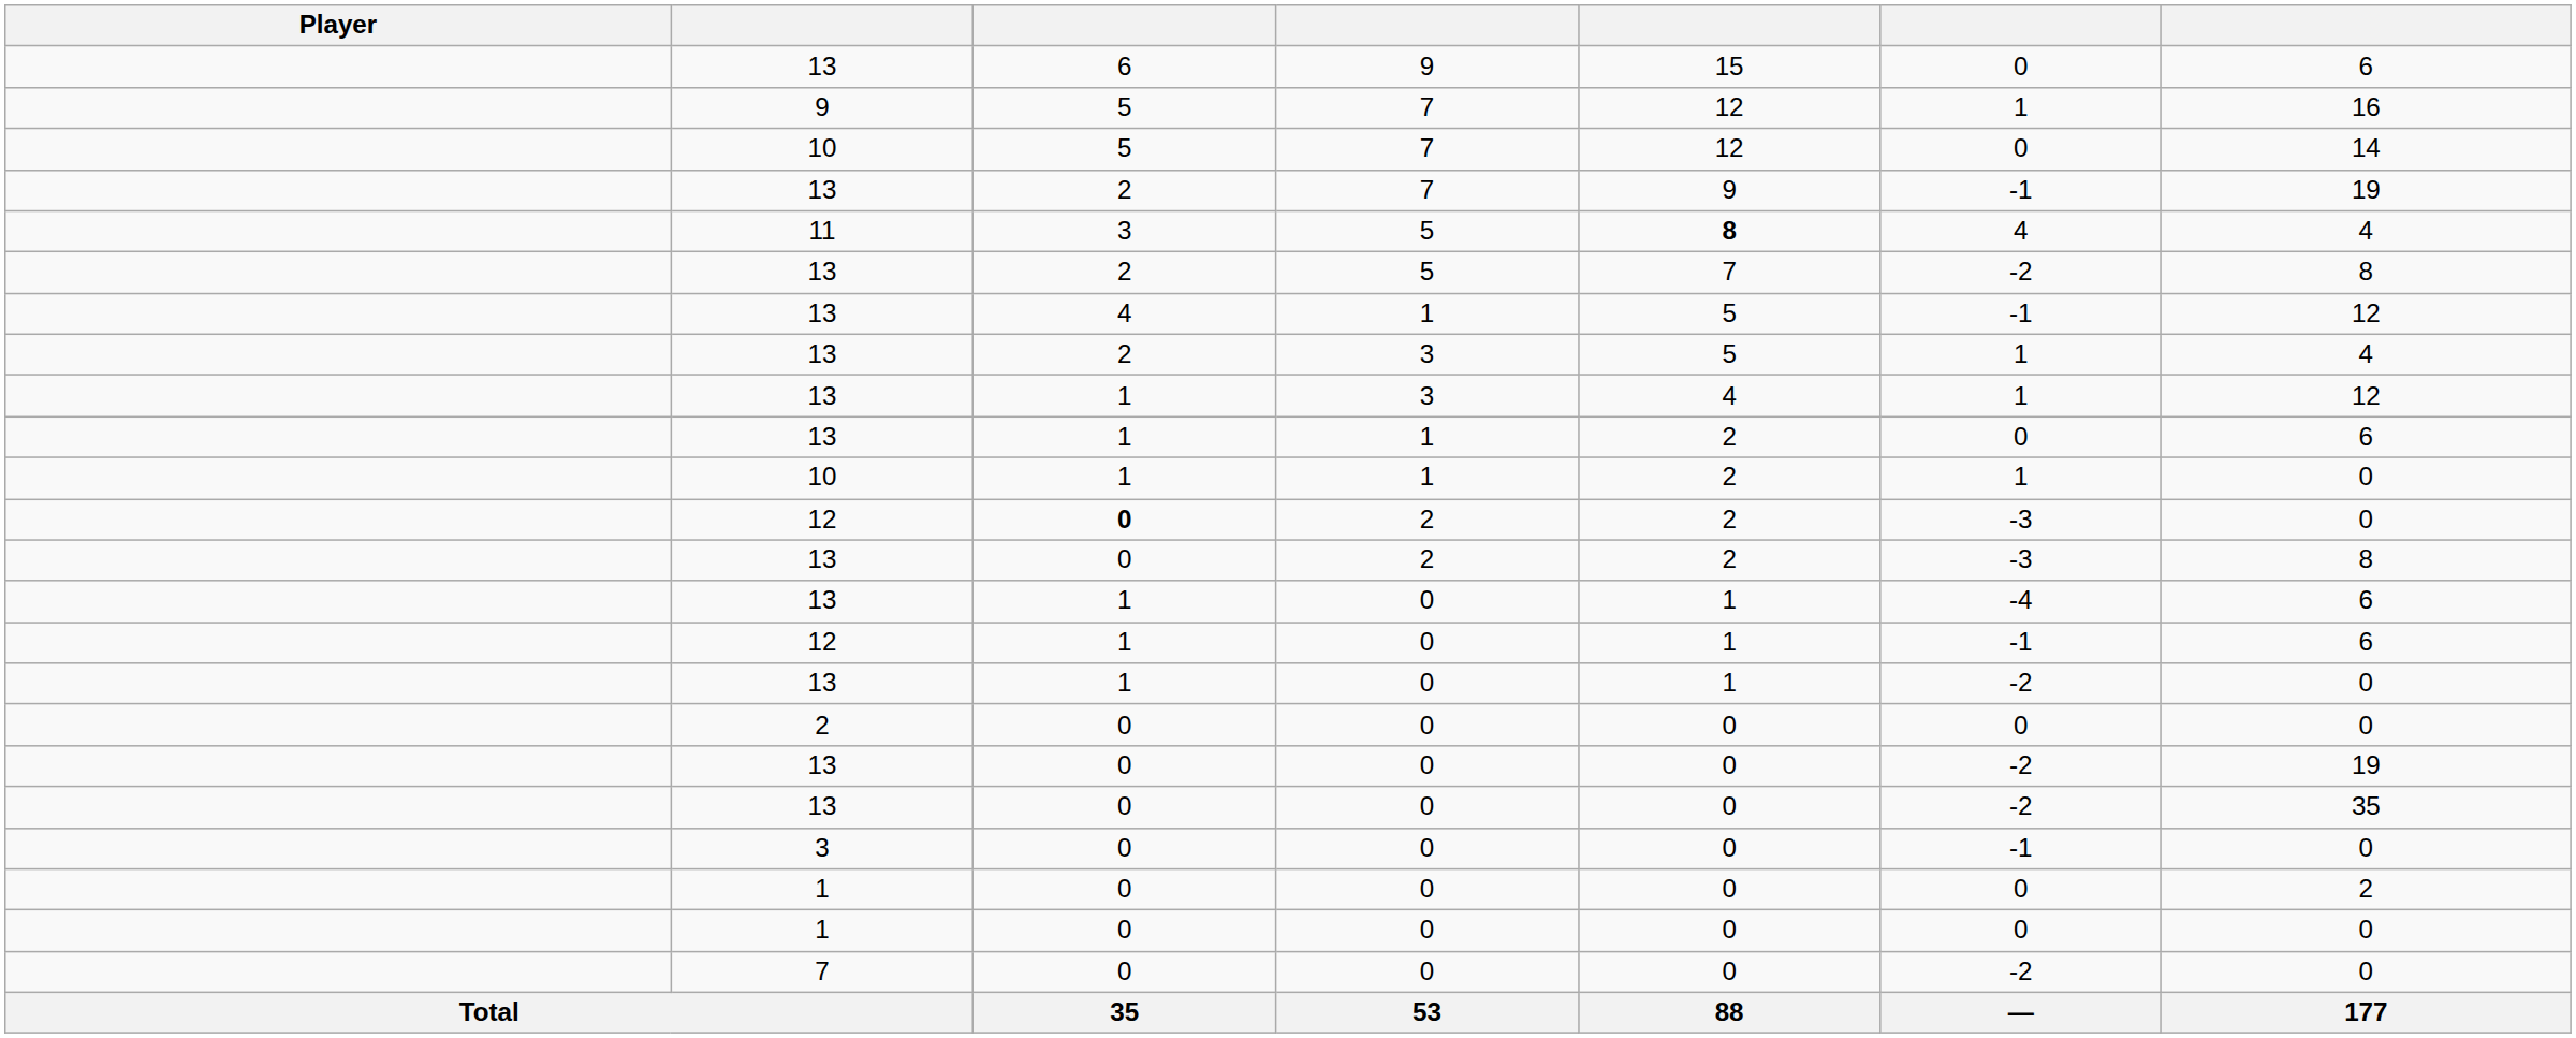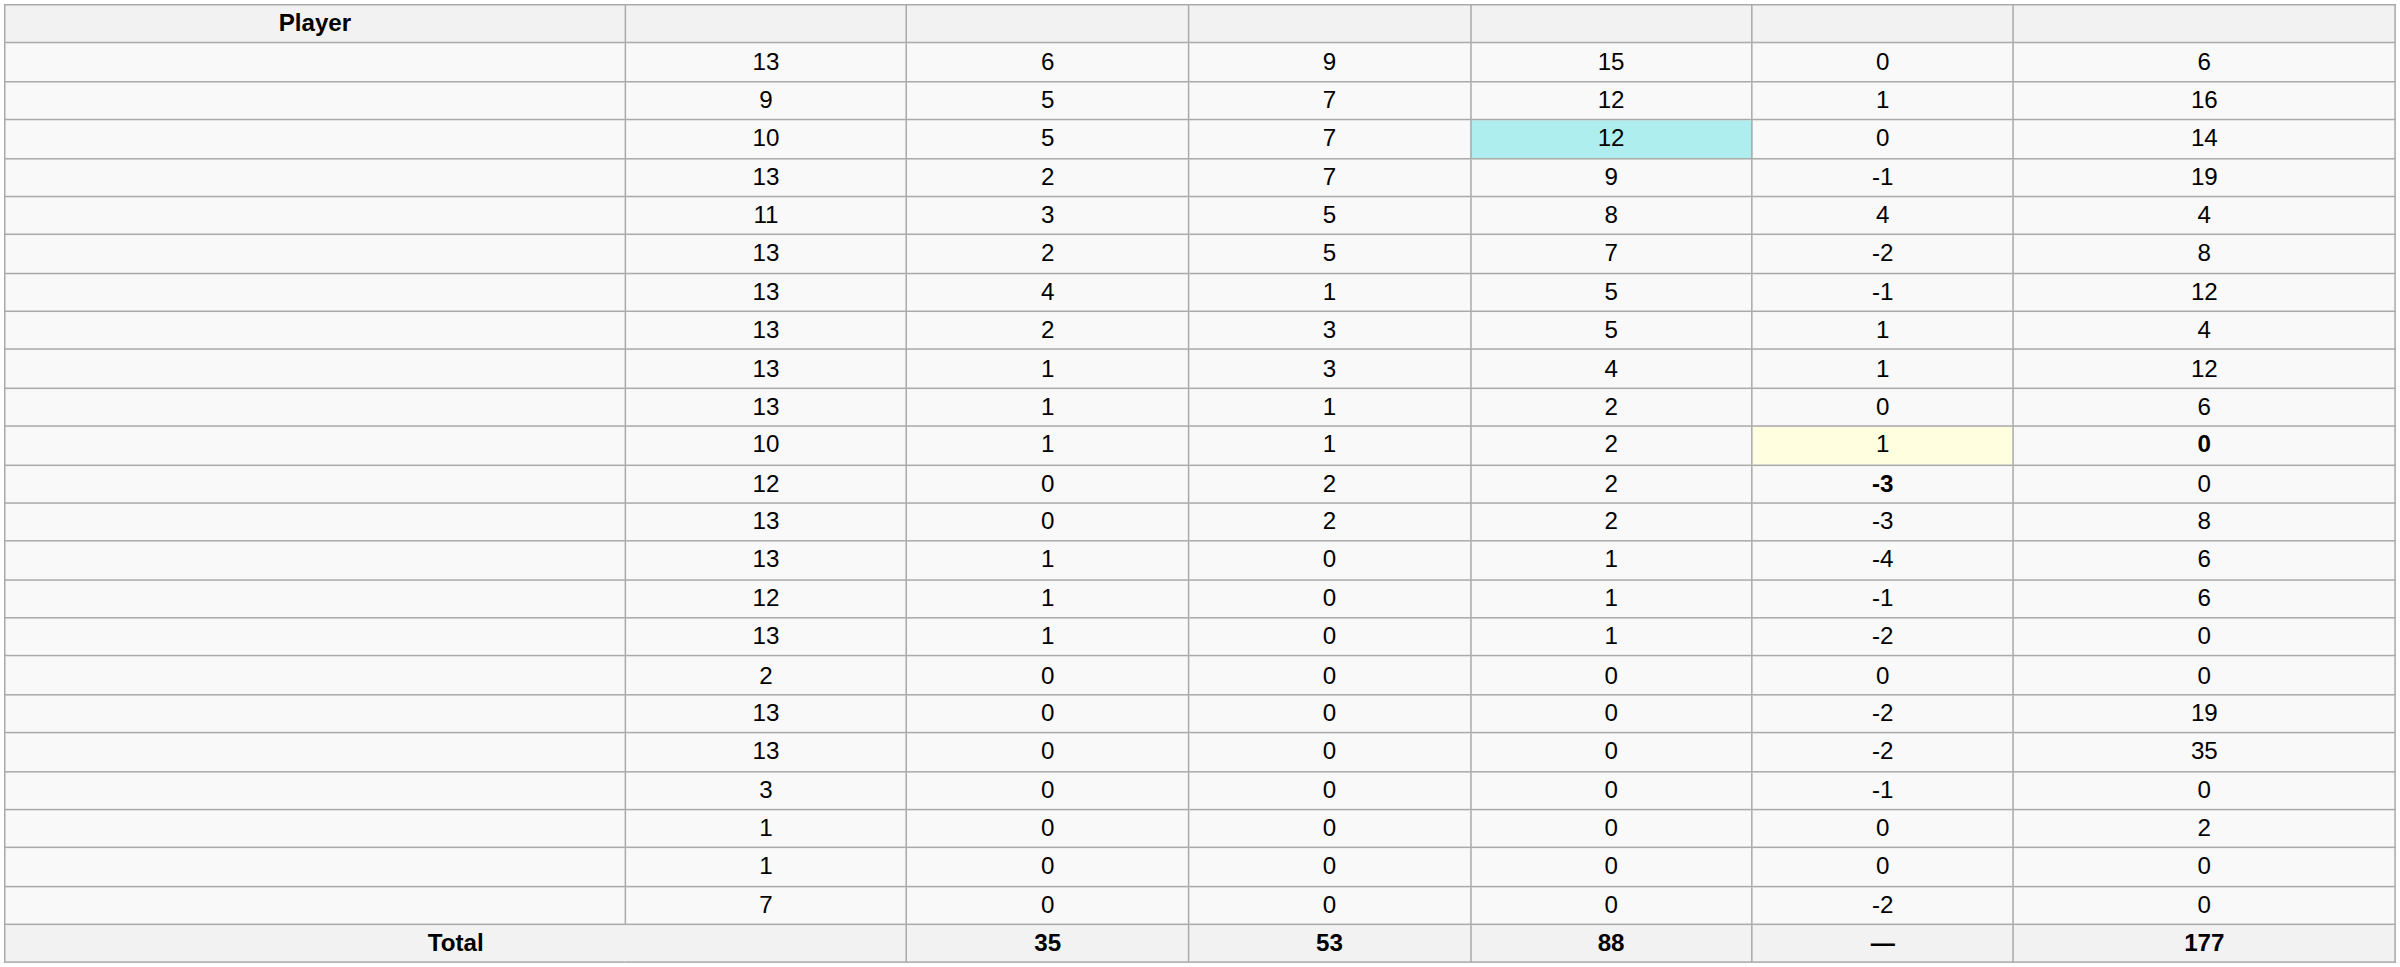 <table class="wikitable sortable" style="width:100%; text-align:center;">
 <tr>
 <th>Player</th>
 <th></th>
 <th></th>
 <th></th>
 <th></th>
 <th data-sort-type="number"></th>
 <th></th>
 </tr>
 <tr>
 <td></td>
 <td>13</td>
 <td>6</td>
 <td>9</td>
 <td>15</td>
 <td>0</td>
 <td>6</td>
 </tr>
 <tr>
 <td></td>
 <td>9</td>
 <td>5</td>
 <td>7</td>
 <td>12</td>
 <td>1</td>
 <td>16</td>
 </tr>
 <tr>
 <td></td>
 <td>10</td>
 <td>5</td>
 <td>7</td>
-<td>12</td>
+<td style="background: paleturquoise;">12</td>
 <td>0</td>
 <td>14</td>
 </tr>
 <tr>
 <td></td>
 <td>13</td>
 <td>2</td>
 <td>7</td>
 <td>9</td>
 <td>-1</td>
 <td>19</td>
 </tr>
 <tr>
 <td></td>
 <td>11</td>
 <td>3</td>
 <td>5</td>
-<td><strong>8</strong></td>
+<td>8</td>
 <td>4</td>
 <td>4</td>
 </tr>
 <tr>
 <td></td>
 <td>13</td>
 <td>2</td>
 <td>5</td>
 <td>7</td>
 <td>-2</td>
 <td>8</td>
 </tr>
 <tr>
 <td></td>
 <td>13</td>
 <td>4</td>
 <td>1</td>
 <td>5</td>
 <td>-1</td>
 <td>12</td>
 </tr>
 <tr>
 <td></td>
 <td>13</td>
 <td>2</td>
 <td>3</td>
 <td>5</td>
 <td>1</td>
 <td>4</td>
 </tr>
 <tr>
 <td></td>
 <td>13</td>
 <td>1</td>
 <td>3</td>
 <td>4</td>
 <td>1</td>
 <td>12</td>
 </tr>
 <tr>
 <td></td>
 <td>13</td>
 <td>1</td>
 <td>1</td>
 <td>2</td>
 <td>0</td>
 <td>6</td>
 </tr>
 <tr>
 <td></td>
 <td>10</td>
 <td>1</td>
 <td>1</td>
 <td>2</td>
-<td>1</td>
-<td>0</td>
+<td style="background: lightyellow;">1</td>
+<td><strong>0</strong></td>
 </tr>
 <tr>
 <td></td>
 <td>12</td>
-<td><strong>0</strong></td>
+<td>0</td>
 <td>2</td>
 <td>2</td>
-<td>-3</td>
+<td><strong>-3</strong></td>
 <td>0</td>
 </tr>
 <tr>
 <td></td>
 <td>13</td>
 <td>0</td>
 <td>2</td>
 <td>2</td>
 <td>-3</td>
 <td>8</td>
 </tr>
 <tr>
 <td></td>
 <td>13</td>
 <td>1</td>
 <td>0</td>
 <td>1</td>
 <td>-4</td>
 <td>6</td>
 </tr>
 <tr>
 <td></td>
 <td>12</td>
 <td>1</td>
 <td>0</td>
 <td>1</td>
 <td>-1</td>
 <td>6</td>
 </tr>
 <tr>
 <td></td>
 <td>13</td>
 <td>1</td>
 <td>0</td>
 <td>1</td>
 <td>-2</td>
 <td>0</td>
 </tr>
 <tr>
 <td></td>
 <td>2</td>
 <td>0</td>
 <td>0</td>
 <td>0</td>
 <td>0</td>
 <td>0</td>
 </tr>
 <tr>
 <td></td>
 <td>13</td>
 <td>0</td>
 <td>0</td>
 <td>0</td>
 <td>-2</td>
 <td>19</td>
 </tr>
 <tr>
 <td></td>
 <td>13</td>
 <td>0</td>
 <td>0</td>
 <td>0</td>
 <td>-2</td>
 <td>35</td>
 </tr>
 <tr>
 <td></td>
 <td>3</td>
 <td>0</td>
 <td>0</td>
 <td>0</td>
 <td>-1</td>
 <td>0</td>
 </tr>
 <tr>
 <td></td>
 <td>1</td>
 <td>0</td>
 <td>0</td>
 <td>0</td>
 <td>0</td>
 <td>2</td>
 </tr>
 <tr>
 <td></td>
 <td>1</td>
 <td>0</td>
 <td>0</td>
 <td>0</td>
 <td>0</td>
 <td>0</td>
 </tr>
 <tr>
 <td></td>
 <td>7</td>
 <td>0</td>
 <td>0</td>
 <td>0</td>
 <td>-2</td>
 <td>0</td>
 </tr>
 <tr class="sortbottom">
 <th colspan=2>Total</th>
 <th>35</th>
 <th>53</th>
 <th>88</th>
 <th>—</th>
 <th>177</th>
 </tr>
 </table>
